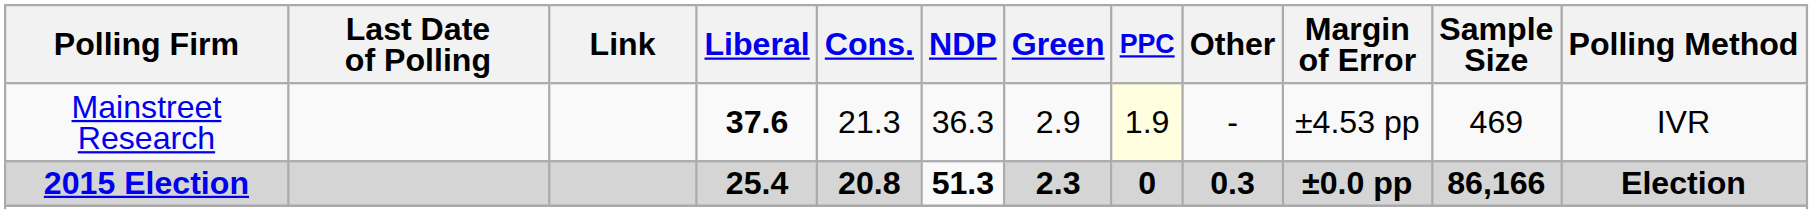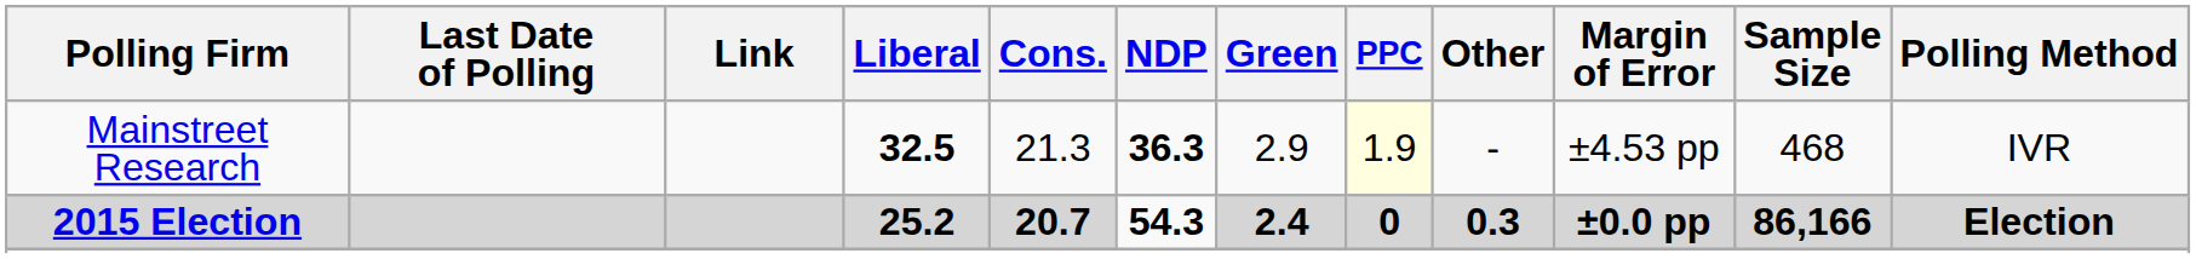 <table class="wikitable sortable" style="text-align:center;font-size:90%;line-height:14px;">
 <tr style="background:#e9e9e9;">
 <th style="width:120px">Polling Firm</th>
 <th style="width:110px">Last Date<br>of Polling</th>
 <th style="width:60px" class="unsortable">Link</th>
 <th style="background-color:"><strong><a href='#'>Liberal</a></strong></th>
 <th style="background-color:"><strong><a href='#'>Cons.</a></strong></th>
 <th style="background-color:"><strong><a href='#'>NDP</a></strong></th>
 <th style="background-color:"><strong><a href='#'>Green</a></strong></th>
 <th style="background-color:"><strong><small><a href='#'>PPC</a></small></strong></th>
 <th style="background-color:"><strong>Other</strong></th>
 <th style="width:60px;" class=unsortable>Margin<br>of Error</th>
 <th style="width:50px;" class=unsortable>Sample<br>Size</th>
 <th class=unsortable>Polling Method</th>
 </tr>
 <tr>
 <td><a href='#'>Mainstreet Research</a></td>
 <td></td>
 <td></td>
-<td><strong>37.6</strong></td>
+<td><strong>32.5</strong></td>
 <td>21.3</td>
-<td>36.3</td>
+<td><strong>36.3</strong></td>
 <td>2.9</td>
 <td style="background: lightyellow;">1.9</td>
 <td>-</td>
 <td>±4.53 pp</td>
-<td>469</td>
+<td>468</td>
 <td>IVR</td>
 </tr>
 <tr>
 <td style="background:#D5D5D5"><strong><a href='#'>2015 Election</a></strong></td>
 <td style="background:#D5D5D5"><strong></strong></td>
 <td style="background:#D5D5D5"></td>
-<td style="background:#D5D5D5"><strong>25.4</strong></td>
-<td style="background:#D5D5D5"><strong>20.8</strong></td>
-<td><strong>51.3</strong></td>
-<td style="background:#D5D5D5"><strong>2.3</strong></td>
+<td style="background:#D5D5D5"><strong>25.2</strong></td>
+<td style="background:#D5D5D5"><strong>20.7</strong></td>
+<td><strong>54.3</strong></td>
+<td style="background:#D5D5D5"><strong>2.4</strong></td>
 <td style="background:#D5D5D5"><strong>0</strong></td>
 <td style="background:#D5D5D5"><strong>0.3</strong></td>
 <td style="background:#D5D5D5"><strong>±0.0 pp</strong></td>
 <td style="background:#D5D5D5"><strong>86,166</strong></td>
 <td style="background:#D5D5D5"><strong>Election</strong></td>
 </tr>
 <tr>
 </tr>
 <tr>
 </tr>
 </table>
